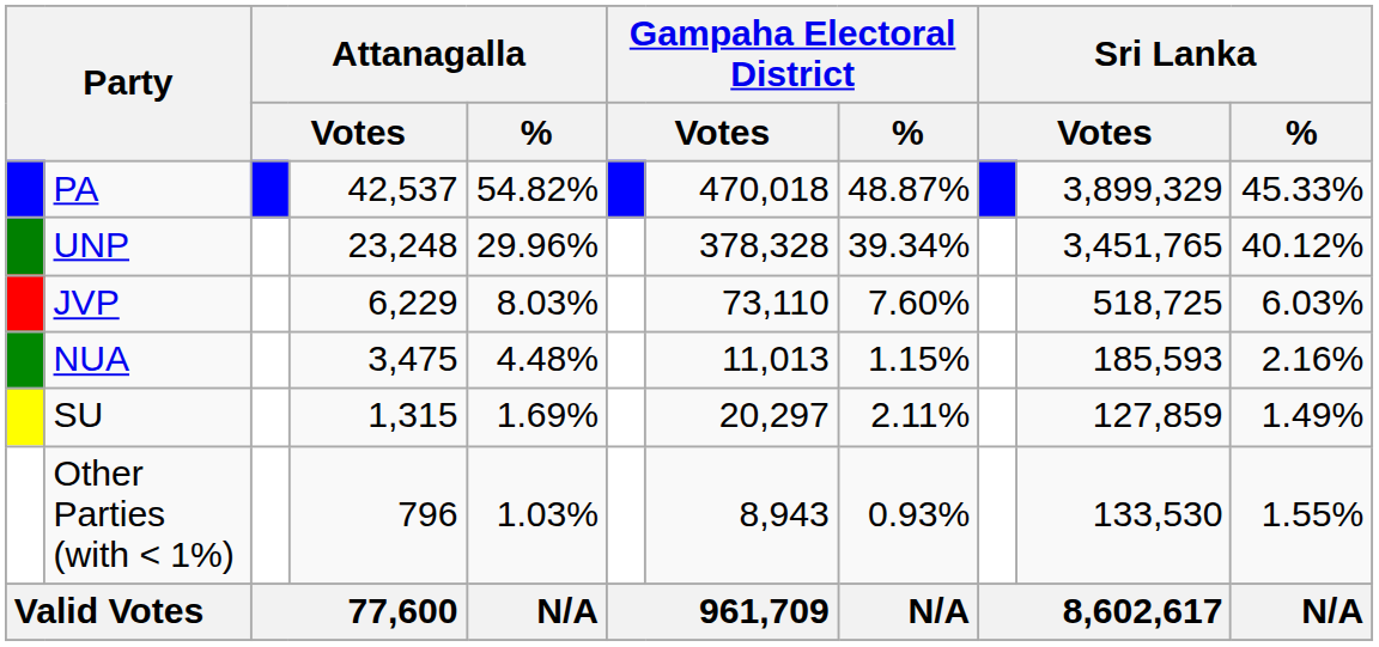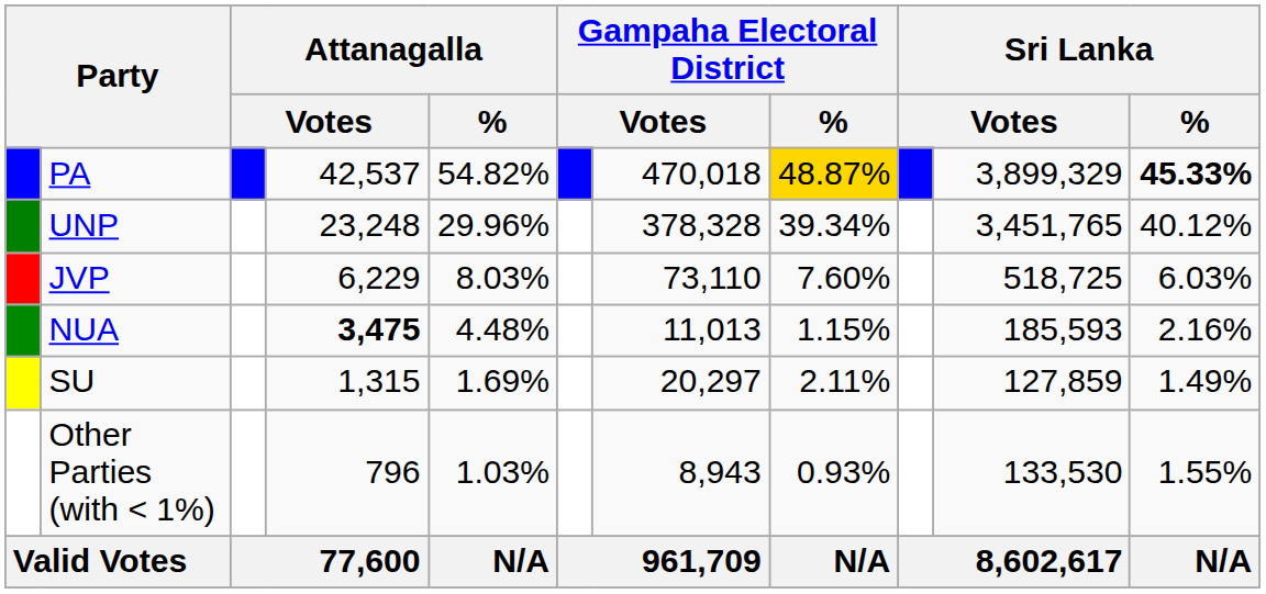 <table class="wikitable">
 <tr>
 <th colspan="2" width="144px"rowspan="2">Party</th>
 <th colspan="3" width="216px">Attanagalla</th>
 <th colspan="3" width="216px"><a href='#'>Gampaha Electoral District</a></th>
 <th colspan="3" width="216px">Sri Lanka</th>
 </tr>
 <tr>
 <th colspan="2" width="144px">Votes</th>
 <th>%</th>
 <th colspan="2" width="144px">Votes</th>
 <th>%</th>
 <th colspan="2" width="144px">Votes</th>
 <th>%</th>
 </tr>
 <tr>
 <td style="background-color:blue;" width="10px"></td>
 <td style="text-align:left;"><a href='#'>PA</a></td>
 <td style="background-color:blue;" width="10px"></td>
 <td style="text-align:right;">42,537</td>
 <td style="text-align:right;">54.82%</td>
 <td style="background-color:blue;" width="10px"></td>
 <td style="text-align:right;">470,018</td>
-<td style="text-align:right;">48.87%</td>
+<td style="background: gold; text-align:right;">48.87%</td>
 <td style="background-color:blue;" width="10px"></td>
 <td style="text-align:right;">3,899,329</td>
-<td style="text-align:right;">45.33%</td>
+<td style="text-align:right;"><strong>45.33%</strong></td>
 </tr>
 <tr>
 <td style="background-color:green;" width="10px"></td>
 <td style="text-align:left;"><a href='#'>UNP</a></td>
 <td style="background-color:white;" width="10px"></td>
 <td style="text-align:right;">23,248</td>
 <td style="text-align:right;">29.96%</td>
 <td style="background-color:white;" width="10px"></td>
 <td style="text-align:right;">378,328</td>
 <td style="text-align:right;">39.34%</td>
 <td style="background-color:white;" width="10px"></td>
 <td style="text-align:right;">3,451,765</td>
 <td style="text-align:right;">40.12%</td>
 </tr>
 <tr>
 <td style="background-color:red;" width="10px"></td>
 <td style="text-align:left;"><a href='#'>JVP</a></td>
 <td style="background-color:white;" width="10px"></td>
 <td style="text-align:right;">6,229</td>
 <td style="text-align:right;">8.03%</td>
 <td style="background-color:white;" width="10px"></td>
 <td style="text-align:right;">73,110</td>
 <td style="text-align:right;">7.60%</td>
 <td style="background-color:white;" width="10px"></td>
 <td style="text-align:right;">518,725</td>
 <td style="text-align:right;">6.03%</td>
 </tr>
 <tr>
 <td style="background-color:#008800;" width="10px"></td>
 <td style="text-align:left;"><a href='#'>NUA</a></td>
 <td style="background-color:white;" width="10px"></td>
-<td style="text-align:right;">3,475</td>
+<td style="text-align:right;"><strong>3,475</strong></td>
 <td style="text-align:right;">4.48%</td>
 <td style="background-color:white;" width="10px"></td>
 <td style="text-align:right;">11,013</td>
 <td style="text-align:right;">1.15%</td>
 <td style="background-color:white;" width="10px"></td>
 <td style="text-align:right;">185,593</td>
 <td style="text-align:right;">2.16%</td>
 </tr>
 <tr>
 <td style="background-color:yellow;" width="10px"></td>
 <td style="text-align:left;">SU</td>
 <td style="background-color:white;" width="10px"></td>
 <td style="text-align:right;">1,315</td>
 <td style="text-align:right;">1.69%</td>
 <td style="background-color:white;" width="10px"></td>
 <td style="text-align:right;">20,297</td>
 <td style="text-align:right;">2.11%</td>
 <td style="background-color:white;" width="10px"></td>
 <td style="text-align:right;">127,859</td>
 <td style="text-align:right;">1.49%</td>
 </tr>
 <tr>
 <td style="background-color:white;" width="10px"></td>
 <td style="text-align:left;">Other Parties (with < 1%)</td>
 <td style="background-color:white;" width="10px"></td>
 <td style="text-align:right;">796</td>
 <td style="text-align:right;">1.03%</td>
 <td style="background-color:white;" width="10px"></td>
 <td style="text-align:right;">8,943</td>
 <td style="text-align:right;">0.93%</td>
 <td style="background-color:white;" width="10px"></td>
 <td style="text-align:right;">133,530</td>
 <td style="text-align:right;">1.55%</td>
 </tr>
 <tr>
 <th colspan="2" width="144px"style="text-align:left;">Valid Votes</th>
 <th style="text-align:right;"colspan="2" width="144px">77,600</th>
 <th style="text-align:right;">N/A</th>
 <th style="text-align:right;"colspan="2" width="144px">961,709</th>
 <th style="text-align:right;">N/A</th>
 <th style="text-align:right;"colspan="2" width="144px">8,602,617</th>
 <th style="text-align:right;">N/A</th>
 </tr>
 </table>
